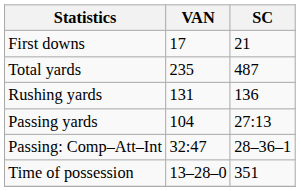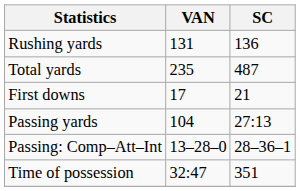 <table class="wikitable" style="float: left;">
 <tr>
 <th>Statistics</th>
 <th>VAN</th>
 <th>SC</th>
 </tr>
 <tr>
-<td>First downs</td>
-<td>17</td>
-<td>21</td>
+<td>Rushing yards</td>
+<td>131</td>
+<td>136</td>
 </tr>
 <tr>
 <td>Total yards</td>
 <td>235</td>
 <td>487</td>
 </tr>
 <tr>
-<td>Rushing yards</td>
-<td>131</td>
-<td>136</td>
+<td>First downs</td>
+<td>17</td>
+<td>21</td>
 </tr>
 <tr>
 <td>Passing yards</td>
 <td>104</td>
 <td>27:13</td>
 </tr>
 <tr>
 <td>Passing: Comp–Att–Int</td>
-<td>32:47</td>
+<td>13–28–0</td>
 <td>28–36–1</td>
 </tr>
 <tr>
 <td>Time of possession</td>
-<td>13–28–0</td>
+<td>32:47</td>
 <td>351</td>
 </tr>
 <tr>
 </tr>
 </table>
